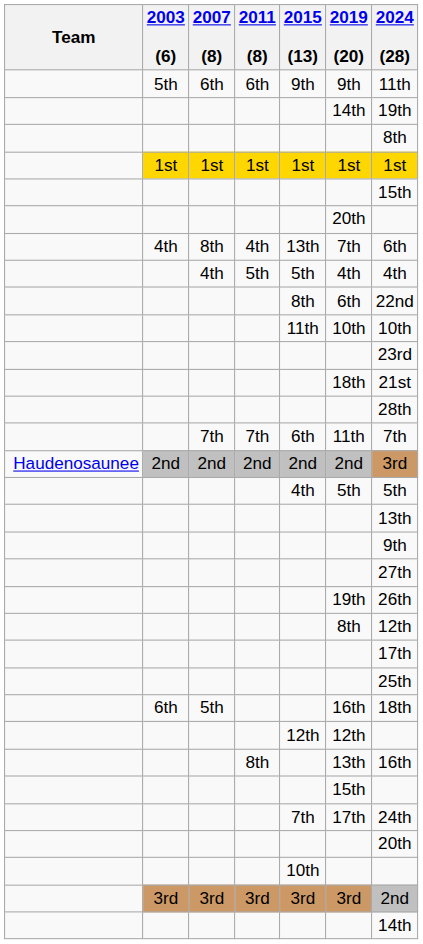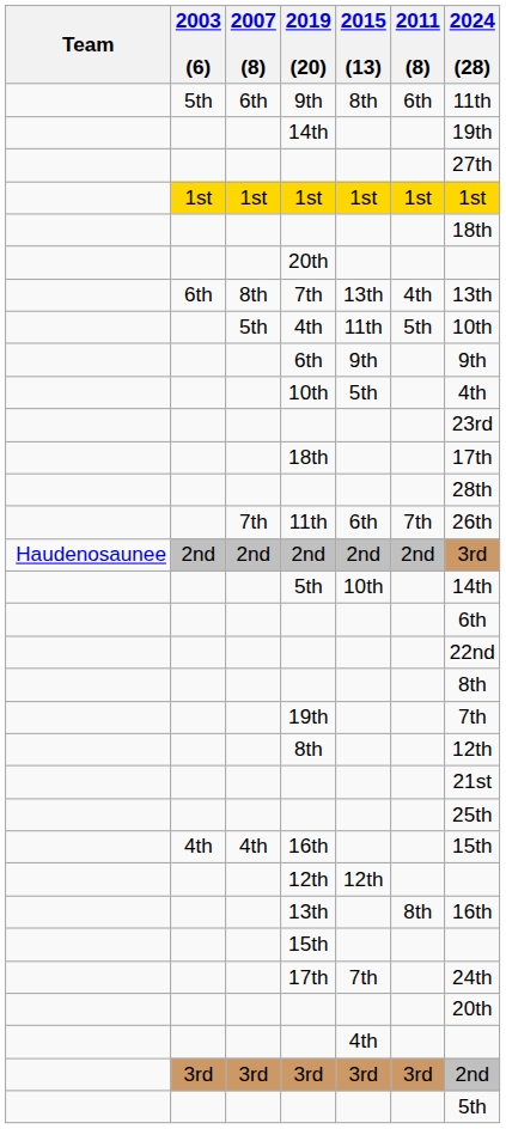 <table class="wikitable"  style="text-align:center;">
 <tr>
 <th align=left>Team</th>
 <th><a href='#'>2003</a><br><br>(6)</th>
 <th><a href='#'>2007</a><br><br>(8)</th>
+<th><a href='#'>2019</a><br><br>(20)</th>
+<th><a href='#'>2015</a><br><br>(13)</th>
 <th><a href='#'>2011</a><br><br>(8)</th>
-<th><a href='#'>2015</a><br><br>(13)</th>
-<th><a href='#'>2019</a><br><br>(20)</th>
 <th><a href='#'>2024</a><br><br>(28)</th>
 </tr>
 <tr>
 <td align=left></td>
 <td>5th</td>
 <td>6th</td>
+<td>9th</td>
+<td>8th</td>
 <td>6th</td>
-<td>9th</td>
-<td>9th</td>
 <td>11th</td>
 </tr>
 <tr>
 <td align=left></td>
 <td></td>
 <td></td>
+<td>14th</td>
 <td></td>
 <td></td>
-<td>14th</td>
 <td>19th</td>
 </tr>
 <tr>
 <td align=left></td>
 <td></td>
 <td></td>
 <td></td>
 <td></td>
 <td></td>
-<td>8th</td>
+<td>27th</td>
 </tr>
 <tr>
 <td align=left></td>
 <td bgcolor=gold>1st</td>
 <td bgcolor=gold>1st</td>
 <td bgcolor=gold>1st</td>
 <td bgcolor=gold>1st</td>
 <td bgcolor=gold>1st</td>
 <td bgcolor=gold>1st</td>
 </tr>
 <tr>
 <td align=left></td>
 <td></td>
 <td></td>
 <td></td>
 <td></td>
 <td></td>
-<td>15th</td>
+<td>18th</td>
 </tr>
 <tr>
 <td align=left></td>
 <td></td>
 <td></td>
+<td>20th</td>
 <td></td>
 <td></td>
-<td>20th</td>
 <td></td>
 </tr>
 <tr>
 <td align=left></td>
-<td>4th</td>
+<td>6th</td>
 <td>8th</td>
+<td>7th</td>
+<td>13th</td>
 <td>4th</td>
 <td>13th</td>
-<td>7th</td>
-<td>6th</td>
 </tr>
 <tr>
 <td align=left></td>
 <td></td>
-<td>4th</td>
-<td>5th</td>
 <td>5th</td>
 <td>4th</td>
-<td>4th</td>
+<td>11th</td>
+<td>5th</td>
+<td>10th</td>
 </tr>
 <tr>
 <td align=left></td>
 <td></td>
 <td></td>
+<td>6th</td>
+<td>9th</td>
 <td></td>
-<td>8th</td>
-<td>6th</td>
-<td>22nd</td>
+<td>9th</td>
 </tr>
 <tr>
 <td align=left></td>
 <td></td>
 <td></td>
+<td>10th</td>
+<td>5th</td>
 <td></td>
-<td>11th</td>
-<td>10th</td>
-<td>10th</td>
+<td>4th</td>
 </tr>
 <tr>
 <td align=left></td>
 <td></td>
 <td></td>
 <td></td>
 <td></td>
 <td></td>
 <td>23rd</td>
 </tr>
 <tr>
 <td align="left"></td>
 <td></td>
 <td></td>
+<td>18th</td>
 <td></td>
 <td></td>
-<td>18th</td>
-<td>21st</td>
+<td>17th</td>
 </tr>
 <tr>
 <td align="left"></td>
 <td></td>
 <td></td>
 <td></td>
 <td></td>
 <td></td>
 <td>28th</td>
 </tr>
 <tr>
 <td align="left"></td>
 <td></td>
 <td>7th</td>
+<td>11th</td>
+<td>6th</td>
 <td>7th</td>
-<td>6th</td>
-<td>11th</td>
-<td>7th</td>
+<td>26th</td>
 </tr>
 <tr>
 <td align="left"> <a href='#'>Haudenosaunee</a></td>
 <td bgcolor="silver">2nd</td>
 <td bgcolor="silver">2nd</td>
 <td bgcolor="silver">2nd</td>
 <td bgcolor="silver">2nd</td>
 <td bgcolor="silver">2nd</td>
 <td bgcolor="cc9966">3rd</td>
 </tr>
 <tr>
 <td align="left"></td>
 <td></td>
 <td></td>
+<td>5th</td>
+<td>10th</td>
 <td></td>
-<td>4th</td>
-<td>5th</td>
-<td>5th</td>
+<td>14th</td>
 </tr>
 <tr>
 <td align=left></td>
 <td></td>
 <td></td>
 <td></td>
 <td></td>
 <td></td>
-<td>13th</td>
+<td>6th</td>
 </tr>
 <tr>
 <td align="left"></td>
 <td></td>
 <td></td>
 <td></td>
 <td></td>
 <td></td>
-<td>9th</td>
+<td>22nd</td>
 </tr>
 <tr>
 <td align="left"></td>
 <td></td>
 <td></td>
 <td></td>
 <td></td>
 <td></td>
-<td>27th</td>
+<td>8th</td>
 </tr>
 <tr>
 <td align="left"></td>
 <td></td>
 <td></td>
+<td>19th</td>
 <td></td>
 <td></td>
-<td>19th</td>
-<td>26th</td>
+<td>7th</td>
 </tr>
 <tr>
 <td align="left"></td>
 <td></td>
 <td></td>
+<td>8th</td>
 <td></td>
 <td></td>
-<td>8th</td>
 <td>12th</td>
 </tr>
 <tr>
 <td align="left"></td>
 <td></td>
 <td></td>
 <td></td>
 <td></td>
 <td></td>
-<td>17th</td>
+<td>21st</td>
 </tr>
 <tr>
 <td align="left"></td>
 <td></td>
 <td></td>
 <td></td>
 <td></td>
 <td></td>
 <td>25th</td>
 </tr>
 <tr>
 <td align="left"></td>
-<td>6th</td>
-<td>5th</td>
+<td>4th</td>
+<td>4th</td>
+<td>16th</td>
 <td></td>
 <td></td>
-<td>16th</td>
-<td>18th</td>
+<td>15th</td>
 </tr>
 <tr>
 <td align="left"></td>
 <td></td>
 <td></td>
-<td></td>
 <td>12th</td>
 <td>12th</td>
+<td></td>
 <td></td>
 </tr>
 <tr>
 <td align="left"></td>
 <td></td>
 <td></td>
+<td>13th</td>
+<td></td>
 <td>8th</td>
-<td></td>
-<td>13th</td>
 <td>16th</td>
 </tr>
 <tr>
 <td align="left"></td>
 <td></td>
 <td></td>
+<td>15th</td>
 <td></td>
 <td></td>
-<td>15th</td>
 <td></td>
 </tr>
 <tr>
 <td align="left"></td>
 <td></td>
 <td></td>
+<td>17th</td>
+<td>7th</td>
 <td></td>
-<td>7th</td>
-<td>17th</td>
 <td>24th</td>
 </tr>
 <tr>
 <td align="left"></td>
 <td></td>
 <td></td>
 <td></td>
 <td></td>
 <td></td>
 <td>20th</td>
 </tr>
 <tr>
 <td align="left"></td>
 <td></td>
 <td></td>
 <td></td>
-<td>10th</td>
+<td>4th</td>
 <td></td>
 <td></td>
 </tr>
 <tr>
 <td align="left"></td>
 <td bgcolor="cc9966">3rd</td>
 <td bgcolor="cc9966">3rd</td>
 <td bgcolor="cc9966">3rd</td>
 <td bgcolor="cc9966">3rd</td>
 <td bgcolor="cc9966">3rd</td>
 <td bgcolor="silver">2nd</td>
 </tr>
 <tr>
 <td align="left"></td>
 <td></td>
 <td></td>
 <td></td>
 <td></td>
 <td></td>
-<td>14th</td>
+<td>5th</td>
 </tr>
 </table>
